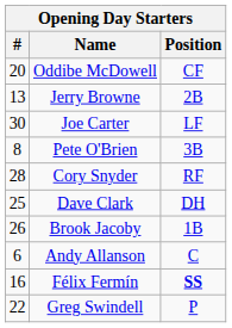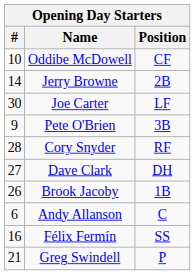 <table class="wikitable" style="text-align:center">
 <tr>
 <th colspan="3">Opening Day Starters</th>
 </tr>
 <tr>
 <th>#</th>
 <th>Name</th>
 <th>Position</th>
 </tr>
 <tr>
-<td>20</td>
+<td>10</td>
 <td><a href='#'>Oddibe McDowell</a></td>
 <td><a href='#'>CF</a></td>
 </tr>
 <tr>
-<td>13</td>
+<td>14</td>
 <td><a href='#'>Jerry Browne</a></td>
 <td><a href='#'>2B</a></td>
 </tr>
 <tr>
 <td>30</td>
 <td><a href='#'>Joe Carter</a></td>
 <td><a href='#'>LF</a></td>
 </tr>
 <tr>
-<td>8</td>
+<td>9</td>
 <td><a href='#'>Pete O'Brien</a></td>
 <td><a href='#'>3B</a></td>
 </tr>
 <tr>
 <td>28</td>
 <td><a href='#'>Cory Snyder</a></td>
 <td><a href='#'>RF</a></td>
 </tr>
 <tr>
-<td>25</td>
+<td>27</td>
 <td><a href='#'>Dave Clark</a></td>
 <td><a href='#'>DH</a></td>
 </tr>
 <tr>
 <td>26</td>
 <td><a href='#'>Brook Jacoby</a></td>
 <td><a href='#'>1B</a></td>
 </tr>
 <tr>
 <td>6</td>
 <td><a href='#'>Andy Allanson</a></td>
 <td><a href='#'>C</a></td>
 </tr>
 <tr>
 <td>16</td>
 <td><a href='#'>Félix Fermín</a></td>
-<td><strong><a href='#'>SS</a></strong></td>
+<td><a href='#'>SS</a></td>
 </tr>
 <tr>
-<td>22</td>
+<td>21</td>
 <td><a href='#'>Greg Swindell</a></td>
 <td><a href='#'>P</a></td>
 </tr>
 </table>
